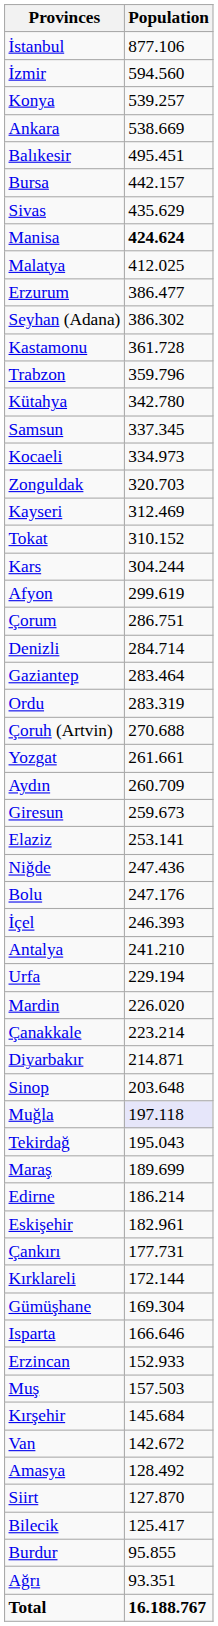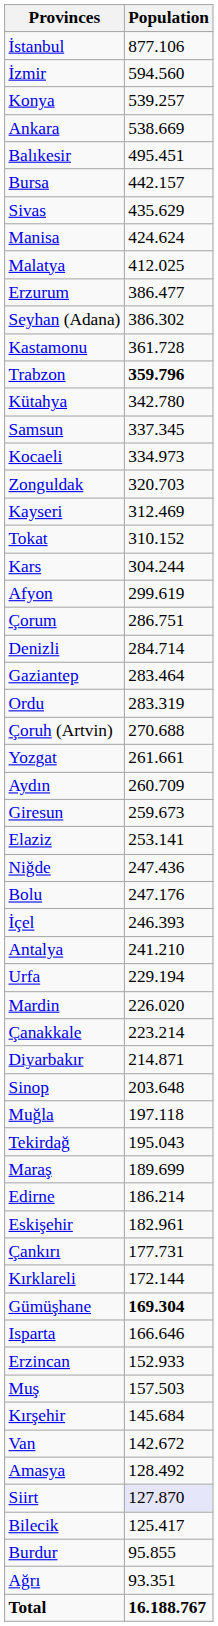 <table class="wikitable sortable">
 <tr>
 <th>Provinces</th>
 <th>Population</th>
 </tr>
 <tr>
 <td><a href='#'>İstanbul</a></td>
 <td>877.106</td>
 </tr>
 <tr>
 <td><a href='#'>İzmir</a></td>
 <td>594.560</td>
 </tr>
 <tr>
 <td><a href='#'>Konya</a></td>
 <td>539.257</td>
 </tr>
 <tr>
 <td><a href='#'>Ankara</a></td>
 <td>538.669</td>
 </tr>
 <tr>
 <td><a href='#'>Balıkesir</a></td>
 <td>495.451</td>
 </tr>
 <tr>
 <td><a href='#'>Bursa</a></td>
 <td>442.157</td>
 </tr>
 <tr>
 <td><a href='#'>Sivas</a></td>
 <td>435.629</td>
 </tr>
 <tr>
 <td><a href='#'>Manisa</a></td>
-<td><strong>424.624</strong></td>
+<td>424.624</td>
 </tr>
 <tr>
 <td><a href='#'>Malatya</a></td>
 <td>412.025</td>
 </tr>
 <tr>
 <td><a href='#'>Erzurum</a></td>
 <td>386.477</td>
 </tr>
 <tr>
 <td><a href='#'>Seyhan</a> (Adana)</td>
 <td>386.302</td>
 </tr>
 <tr>
 <td><a href='#'>Kastamonu</a></td>
 <td>361.728</td>
 </tr>
 <tr>
 <td><a href='#'>Trabzon</a></td>
-<td>359.796</td>
+<td><strong>359.796</strong></td>
 </tr>
 <tr>
 <td><a href='#'>Kütahya</a></td>
 <td>342.780</td>
 </tr>
 <tr>
 <td><a href='#'>Samsun</a></td>
 <td>337.345</td>
 </tr>
 <tr>
 <td><a href='#'>Kocaeli</a></td>
 <td>334.973</td>
 </tr>
 <tr>
 <td><a href='#'>Zonguldak</a></td>
 <td>320.703</td>
 </tr>
 <tr>
 <td><a href='#'>Kayseri</a></td>
 <td>312.469</td>
 </tr>
 <tr>
 <td><a href='#'>Tokat</a></td>
 <td>310.152</td>
 </tr>
 <tr>
 <td><a href='#'>Kars</a></td>
 <td>304.244</td>
 </tr>
 <tr>
 <td><a href='#'>Afyon</a></td>
 <td>299.619</td>
 </tr>
 <tr>
 <td><a href='#'>Çorum</a></td>
 <td>286.751</td>
 </tr>
 <tr>
 <td><a href='#'>Denizli</a></td>
 <td>284.714</td>
 </tr>
 <tr>
 <td><a href='#'>Gaziantep</a></td>
 <td>283.464</td>
 </tr>
 <tr>
 <td><a href='#'>Ordu</a></td>
 <td>283.319</td>
 </tr>
 <tr>
 <td><a href='#'>Çoruh</a> (Artvin)</td>
 <td>270.688</td>
 </tr>
 <tr>
 <td><a href='#'>Yozgat</a></td>
 <td>261.661</td>
 </tr>
 <tr>
 <td><a href='#'>Aydın</a></td>
 <td>260.709</td>
 </tr>
 <tr>
 <td><a href='#'>Giresun</a></td>
 <td>259.673</td>
 </tr>
 <tr>
 <td><a href='#'>Elaziz</a></td>
 <td>253.141</td>
 </tr>
 <tr>
 <td><a href='#'>Niğde</a></td>
 <td>247.436</td>
 </tr>
 <tr>
 <td><a href='#'>Bolu</a></td>
 <td>247.176</td>
 </tr>
 <tr>
 <td><a href='#'>İçel</a></td>
 <td>246.393</td>
 </tr>
 <tr>
 <td><a href='#'>Antalya</a></td>
 <td>241.210</td>
 </tr>
 <tr>
 <td><a href='#'>Urfa</a></td>
 <td>229.194</td>
 </tr>
 <tr>
 <td><a href='#'>Mardin</a></td>
 <td>226.020</td>
 </tr>
 <tr>
 <td><a href='#'>Çanakkale</a></td>
 <td>223.214</td>
 </tr>
 <tr>
 <td><a href='#'>Diyarbakır</a></td>
 <td>214.871</td>
 </tr>
 <tr>
 <td><a href='#'>Sinop</a></td>
 <td>203.648</td>
 </tr>
 <tr>
 <td><a href='#'>Muğla</a></td>
-<td style="background: lavender;">197.118</td>
+<td>197.118</td>
 </tr>
 <tr>
 <td><a href='#'>Tekirdağ</a></td>
 <td>195.043</td>
 </tr>
 <tr>
 <td><a href='#'>Maraş</a></td>
 <td>189.699</td>
 </tr>
 <tr>
 <td><a href='#'>Edirne</a></td>
 <td>186.214</td>
 </tr>
 <tr>
 <td><a href='#'>Eskişehir</a></td>
 <td>182.961</td>
 </tr>
 <tr>
 <td><a href='#'>Çankırı</a></td>
 <td>177.731</td>
 </tr>
 <tr>
 <td><a href='#'>Kırklareli</a></td>
 <td>172.144</td>
 </tr>
 <tr>
 <td><a href='#'>Gümüşhane</a></td>
-<td>169.304</td>
+<td><strong>169.304</strong></td>
 </tr>
 <tr>
 <td><a href='#'>Isparta</a></td>
 <td>166.646</td>
 </tr>
 <tr>
 <td><a href='#'>Erzincan</a></td>
 <td>152.933</td>
 </tr>
 <tr>
 <td><a href='#'>Muş</a></td>
 <td>157.503</td>
 </tr>
 <tr>
 <td><a href='#'>Kırşehir</a></td>
 <td>145.684</td>
 </tr>
 <tr>
 <td><a href='#'>Van</a></td>
 <td>142.672</td>
 </tr>
 <tr>
 <td><a href='#'>Amasya</a></td>
 <td>128.492</td>
 </tr>
 <tr>
 <td><a href='#'>Siirt</a></td>
-<td>127.870</td>
+<td style="background: lavender;">127.870</td>
 </tr>
 <tr>
 <td><a href='#'>Bilecik</a></td>
 <td>125.417</td>
 </tr>
 <tr>
 <td><a href='#'>Burdur</a></td>
 <td>95.855</td>
 </tr>
 <tr>
 <td><a href='#'>Ağrı</a></td>
 <td>93.351</td>
 </tr>
 <tr>
 <td><strong>Total</strong></td>
 <td><strong>16.188.767</strong></td>
 </tr>
 </table>
